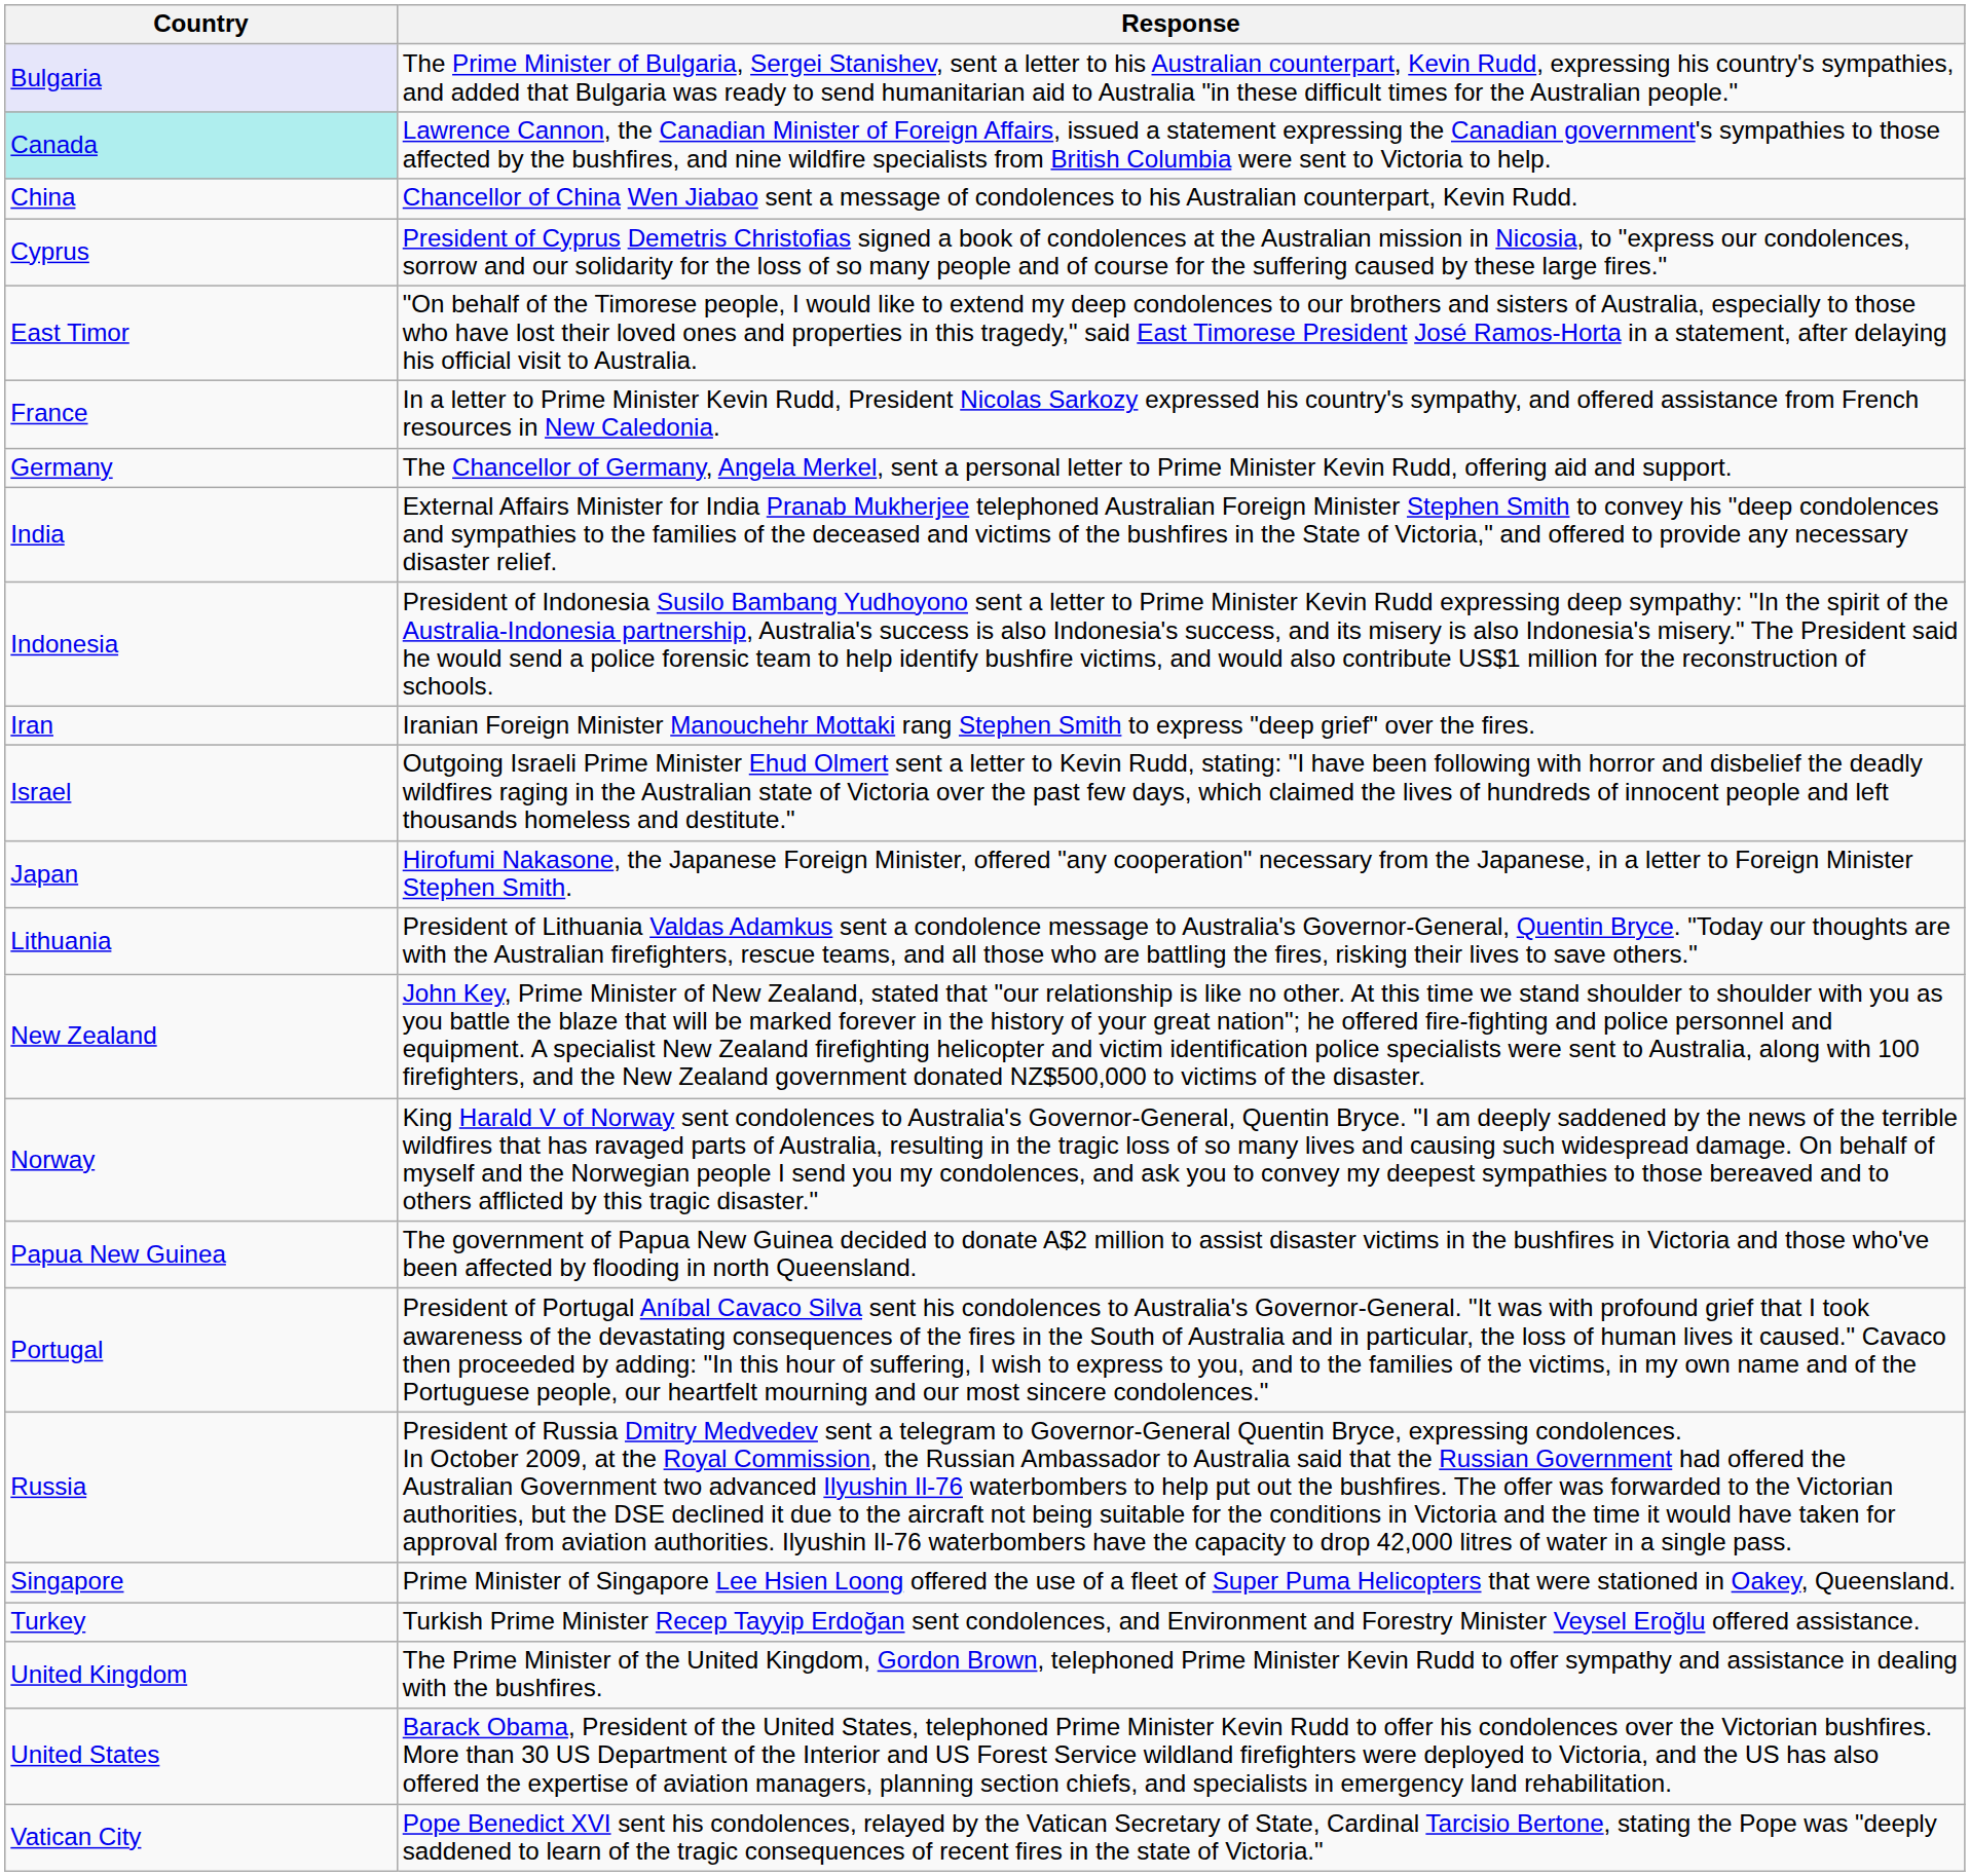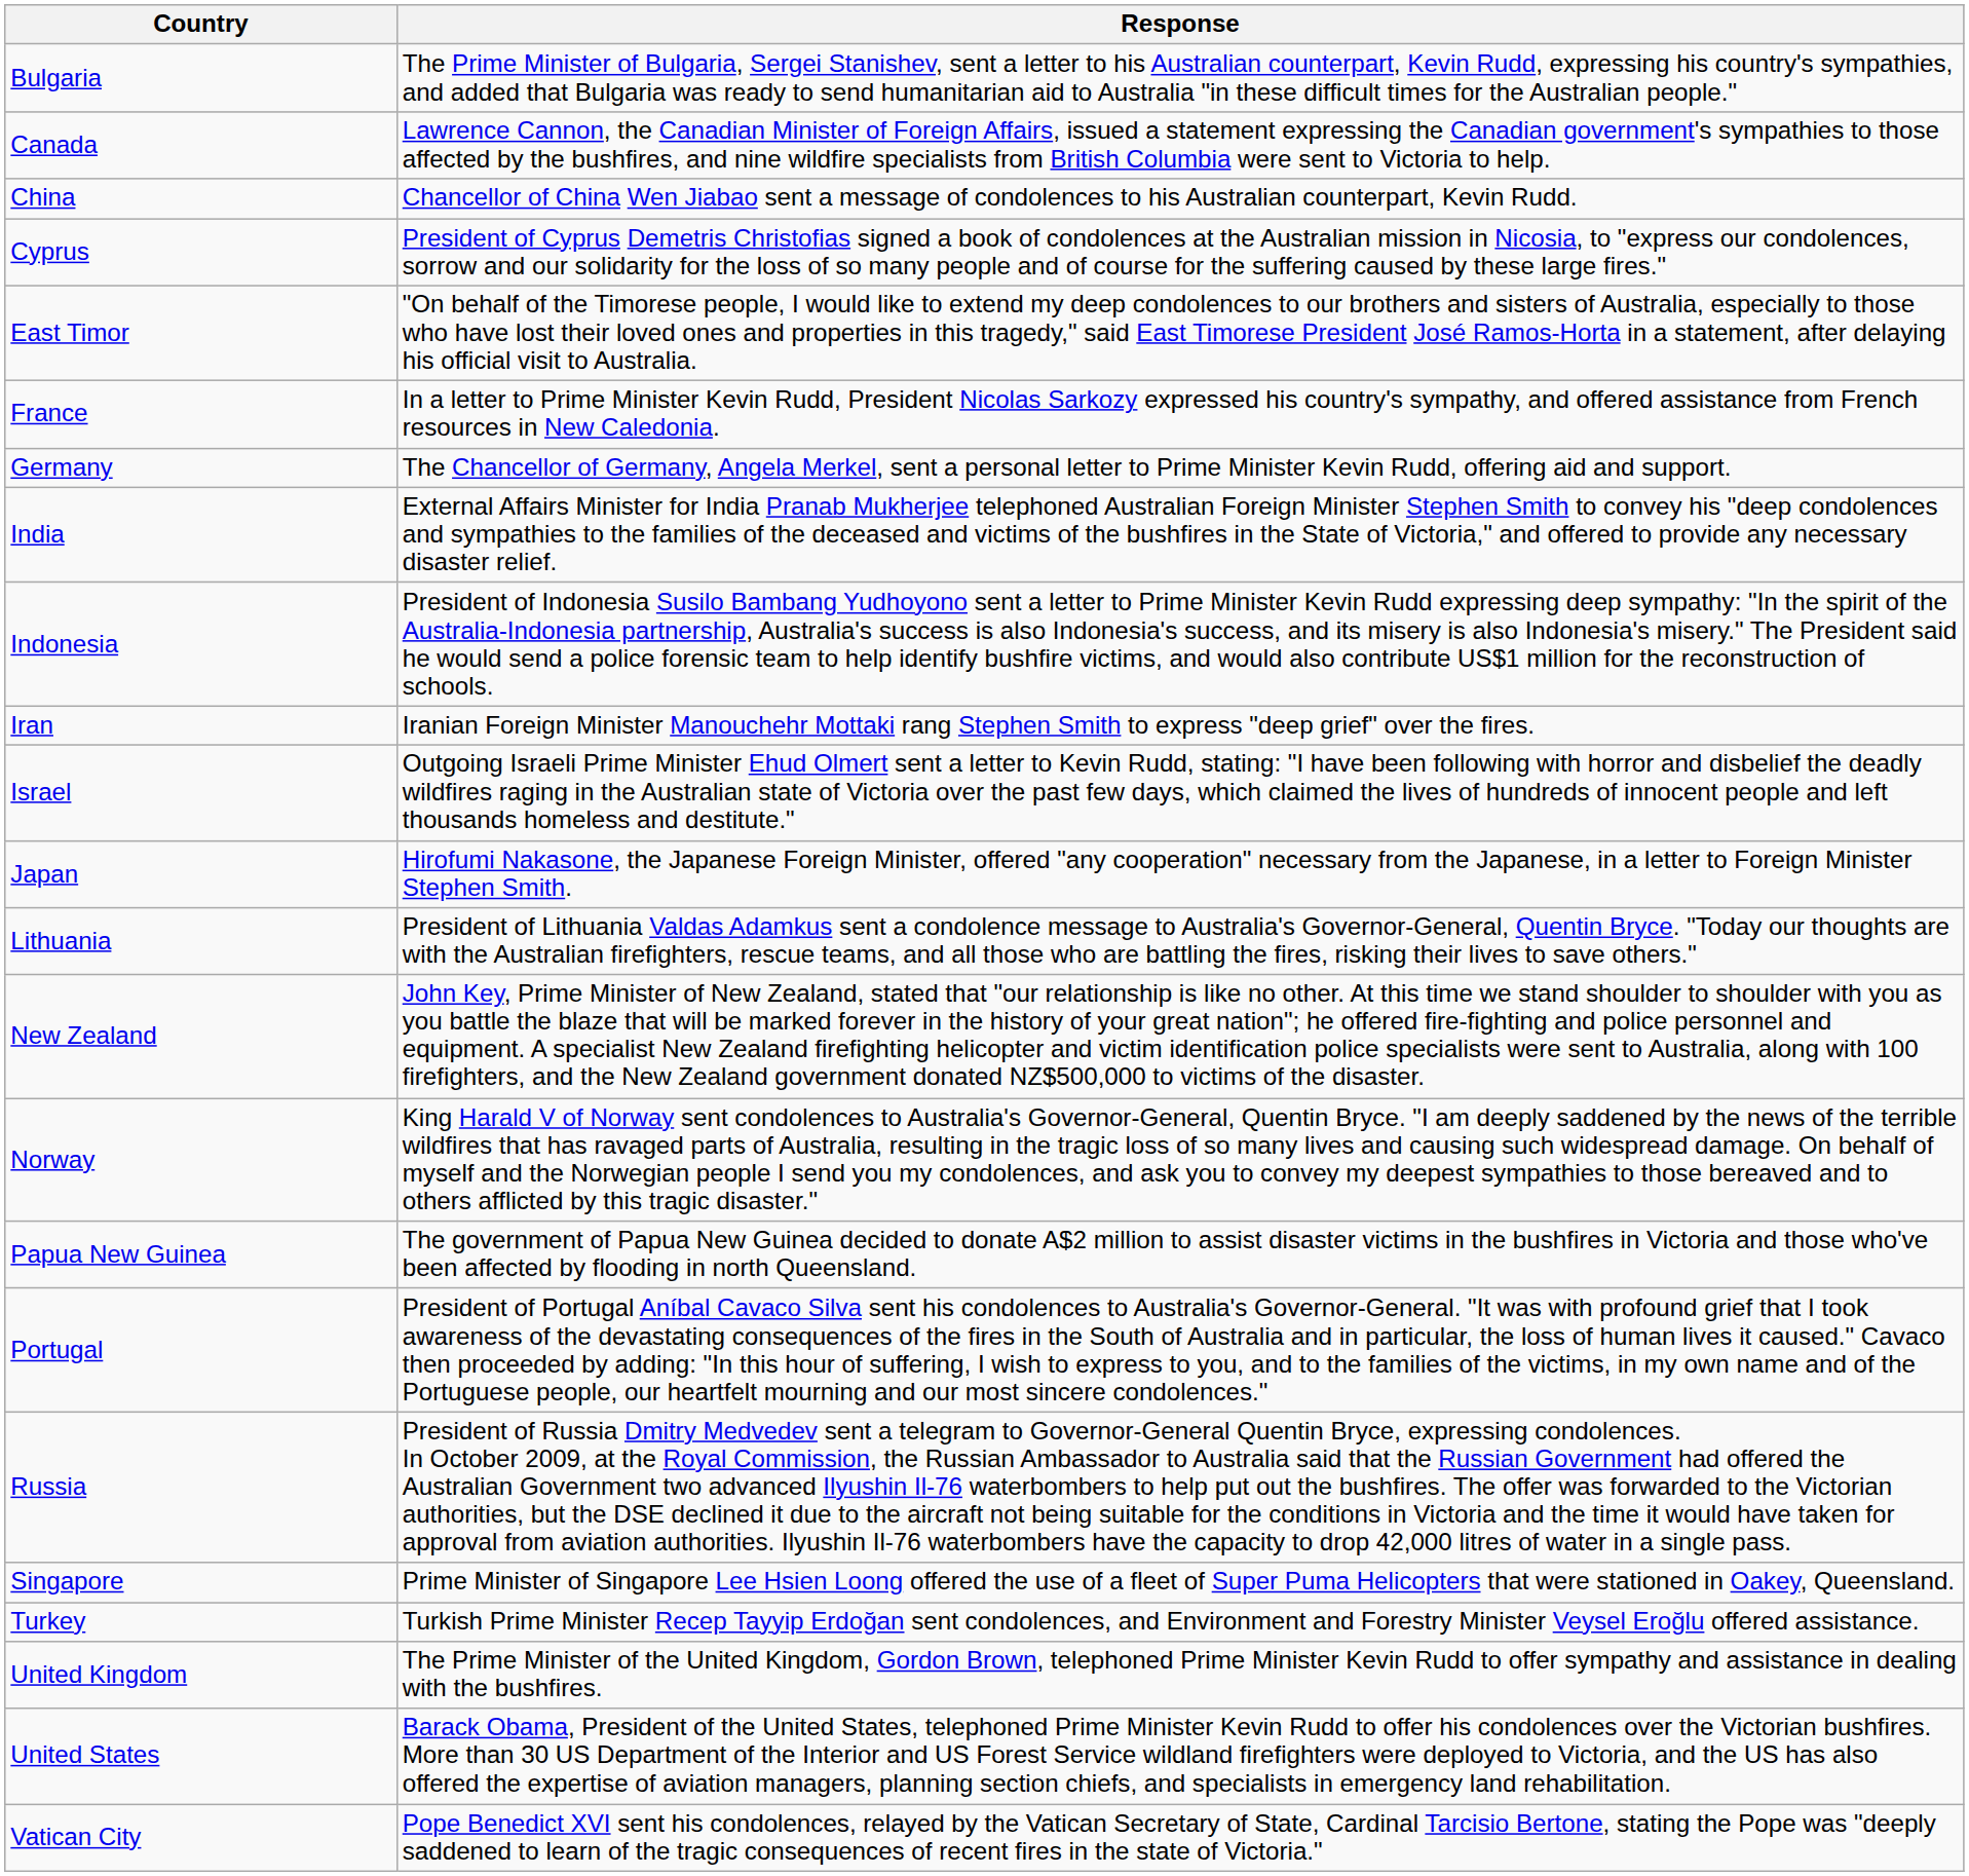 <table class="wikitable" width="100%">
 <tr>
 <th width="20%">Country</th>
 <th>Response</th>
 </tr>
 <tr>
-<td style="background: lavender;"><a href='#'>Bulgaria</a></td>
+<td><a href='#'>Bulgaria</a></td>
 <td>The <a href='#'>Prime Minister of Bulgaria</a>, <a href='#'>Sergei Stanishev</a>, sent a letter to his <a href='#'>Australian counterpart</a>, <a href='#'>Kevin Rudd</a>, expressing his country's sympathies, and added that Bulgaria was ready to send humanitarian aid to Australia "in these difficult times for the Australian people."</td>
 </tr>
 <tr>
-<td style="background: paleturquoise;"><a href='#'>Canada</a></td>
+<td><a href='#'>Canada</a></td>
 <td><a href='#'>Lawrence Cannon</a>, the <a href='#'>Canadian Minister of Foreign Affairs</a>, issued a statement expressing the <a href='#'>Canadian government</a>'s sympathies to those affected by the bushfires, and nine wildfire specialists from <a href='#'>British Columbia</a> were sent to Victoria to help.</td>
 </tr>
 <tr>
 <td><a href='#'>China</a></td>
 <td><a href='#'>Chancellor of China</a> <a href='#'>Wen Jiabao</a> sent a message of condolences to his Australian counterpart, Kevin Rudd.</td>
 </tr>
 <tr>
 <td><a href='#'>Cyprus</a></td>
 <td><a href='#'>President of Cyprus</a> <a href='#'>Demetris Christofias</a> signed a book of condolences at the Australian mission in <a href='#'>Nicosia</a>, to "express our condolences, sorrow and our solidarity for the loss of so many people and of course for the suffering caused by these large fires."</td>
 </tr>
 <tr>
 <td><a href='#'>East Timor</a></td>
 <td>"On behalf of the Timorese people, I would like to extend my deep condolences to our brothers and sisters of Australia, especially to those who have lost their loved ones and properties in this tragedy," said <a href='#'>East Timorese President</a> <a href='#'>José Ramos-Horta</a> in a statement, after delaying his official visit to Australia.</td>
 </tr>
 <tr>
 <td><a href='#'>France</a></td>
 <td>In a letter to Prime Minister Kevin Rudd, President <a href='#'>Nicolas Sarkozy</a> expressed his country's sympathy, and offered assistance from French resources in <a href='#'>New Caledonia</a>.</td>
 </tr>
 <tr>
 <td><a href='#'>Germany</a></td>
 <td>The <a href='#'>Chancellor of Germany</a>, <a href='#'>Angela Merkel</a>, sent a personal letter to Prime Minister Kevin Rudd, offering aid and support.</td>
 </tr>
 <tr>
 <td><a href='#'>India</a></td>
 <td>External Affairs Minister for India <a href='#'>Pranab Mukherjee</a> telephoned Australian Foreign Minister <a href='#'>Stephen Smith</a> to convey his "deep condolences and sympathies to the families of the deceased and victims of the bushfires in the State of Victoria," and offered to provide any necessary disaster relief.</td>
 </tr>
 <tr>
 <td><a href='#'>Indonesia</a></td>
 <td>President of Indonesia <a href='#'>Susilo Bambang Yudhoyono</a> sent a letter to Prime Minister Kevin Rudd expressing deep sympathy: "In the spirit of the <a href='#'>Australia-Indonesia partnership</a>, Australia's success is also Indonesia's success, and its misery is also Indonesia's misery." The President said he would send a police forensic team to help identify bushfire victims, and would also contribute US$1 million for the reconstruction of schools.</td>
 </tr>
 <tr>
 <td><a href='#'>Iran</a></td>
 <td>Iranian Foreign Minister <a href='#'>Manouchehr Mottaki</a> rang <a href='#'>Stephen Smith</a> to express "deep grief" over the fires.</td>
 </tr>
 <tr>
 <td><a href='#'>Israel</a></td>
 <td>Outgoing Israeli Prime Minister <a href='#'>Ehud Olmert</a> sent a letter to Kevin Rudd, stating: "I have been following with horror and disbelief the deadly wildfires raging in the Australian state of Victoria over the past few days, which claimed the lives of hundreds of innocent people and left thousands homeless and destitute."</td>
 </tr>
 <tr>
 <td><a href='#'>Japan</a></td>
 <td><a href='#'>Hirofumi Nakasone</a>, the Japanese Foreign Minister, offered "any cooperation" necessary from the Japanese, in a letter to Foreign Minister <a href='#'>Stephen Smith</a>.</td>
 </tr>
 <tr>
 <td><a href='#'>Lithuania</a></td>
 <td>President of Lithuania <a href='#'>Valdas Adamkus</a> sent a condolence message to Australia's Governor-General, <a href='#'>Quentin Bryce</a>. "Today our thoughts are with the Australian firefighters, rescue teams, and all those who are battling the fires, risking their lives to save others."</td>
 </tr>
 <tr>
 <td><a href='#'>New Zealand</a></td>
 <td><a href='#'>John Key</a>, Prime Minister of New Zealand, stated that "our relationship is like no other. At this time we stand shoulder to shoulder with you as you battle the blaze that will be marked forever in the history of your great nation"; he offered fire-fighting and police personnel and equipment. A specialist New Zealand firefighting helicopter and victim identification police specialists were sent to Australia, along with 100 firefighters, and the New Zealand government donated NZ$500,000 to victims of the disaster.</td>
 </tr>
 <tr>
 <td><a href='#'>Norway</a></td>
 <td>King <a href='#'>Harald V of Norway</a> sent condolences to Australia's Governor-General, Quentin Bryce. "I am deeply saddened by the news of the terrible wildfires that has ravaged parts of Australia, resulting in the tragic loss of so many lives and causing such widespread damage. On behalf of myself and the Norwegian people I send you my condolences, and ask you to convey my deepest sympathies to those bereaved and to others afflicted by this tragic disaster."</td>
 </tr>
 <tr>
 <td><a href='#'>Papua New Guinea</a></td>
 <td>The government of Papua New Guinea decided to donate A$2 million to assist disaster victims in the bushfires in Victoria and those who've been affected by flooding in north Queensland.</td>
 </tr>
 <tr>
 <td><a href='#'>Portugal</a></td>
 <td>President of Portugal <a href='#'>Aníbal Cavaco Silva</a> sent his condolences to Australia's Governor-General. "It was with profound grief that I took awareness of the devastating consequences of the fires in the South of Australia and in particular, the loss of human lives it caused." Cavaco then proceeded by adding: "In this hour of suffering, I wish to express to you, and to the families of the victims, in my own name and of the Portuguese people, our heartfelt mourning and our most sincere condolences."</td>
 </tr>
 <tr>
 <td><a href='#'>Russia</a></td>
 <td>President of Russia <a href='#'>Dmitry Medvedev</a> sent a telegram to Governor-General Quentin Bryce, expressing condolences.<br>In October 2009, at the <a href='#'>Royal Commission</a>, the Russian Ambassador to Australia said that the <a href='#'>Russian Government</a> had offered the Australian Government two advanced <a href='#'>Ilyushin Il-76</a> waterbombers to help put out the bushfires. The offer was forwarded to the Victorian authorities, but the DSE declined it due to the aircraft not being suitable for the conditions in Victoria and the time it would have taken for approval from aviation authorities. Ilyushin Il-76 waterbombers have the capacity to drop 42,000 litres of water in a single pass.</td>
 </tr>
 <tr>
 <td><a href='#'>Singapore</a></td>
 <td>Prime Minister of Singapore <a href='#'>Lee Hsien Loong</a> offered the use of a fleet of <a href='#'>Super Puma Helicopters</a> that were stationed in <a href='#'>Oakey</a>, Queensland.</td>
 </tr>
 <tr>
 <td><a href='#'>Turkey</a></td>
 <td>Turkish Prime Minister <a href='#'>Recep Tayyip Erdoğan</a> sent condolences, and Environment and Forestry Minister <a href='#'>Veysel Eroğlu</a> offered assistance.</td>
 </tr>
 <tr>
 <td><a href='#'>United Kingdom</a></td>
 <td>The Prime Minister of the United Kingdom, <a href='#'>Gordon Brown</a>, telephoned Prime Minister Kevin Rudd to offer sympathy and assistance in dealing with the bushfires.</td>
 </tr>
 <tr>
 <td><a href='#'>United States</a></td>
 <td><a href='#'>Barack Obama</a>, President of the United States, telephoned Prime Minister Kevin Rudd to offer his condolences over the Victorian bushfires. More than 30 US Department of the Interior and US Forest Service wildland firefighters were deployed to Victoria, and the US has also offered the expertise of aviation managers, planning section chiefs, and specialists in emergency land rehabilitation.</td>
 </tr>
 <tr>
 <td><a href='#'>Vatican City</a></td>
 <td><a href='#'>Pope Benedict XVI</a> sent his condolences, relayed by the Vatican Secretary of State, Cardinal <a href='#'>Tarcisio Bertone</a>, stating the Pope was "deeply saddened to learn of the tragic consequences of recent fires in the state of Victoria."</td>
 </tr>
 </table>
